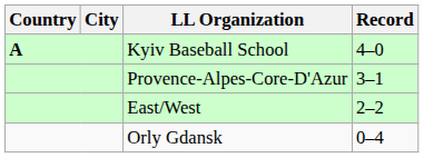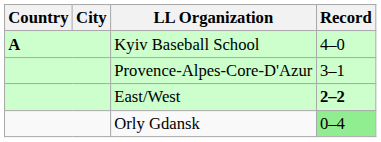 <table class="wikitable">
 <tr>
 <th>Country</th>
 <th>City</th>
 <th>LL Organization</th>
 <th>Record</th>
 </tr>
 <tr bgcolor="ccffcc">
 <td colspan="2"><strong> A</strong></td>
 <td>Kyiv Baseball School</td>
 <td>4–0</td>
 </tr>
 <tr bgcolor="ccffcc">
 <td colspan="2"><strong></strong></td>
 <td>Provence-Alpes-Core-D'Azur</td>
 <td>3–1</td>
 </tr>
 <tr bgcolor="ccffcc">
 <td colspan="2"><strong></strong></td>
 <td>East/West</td>
-<td>2–2</td>
+<td><strong>2–2</strong></td>
 </tr>
 <tr>
 <td colspan="2"><strong></strong></td>
 <td>Orly Gdansk</td>
-<td>0–4</td>
+<td style="background: lightgreen;">0–4</td>
 </tr>
 </table>
